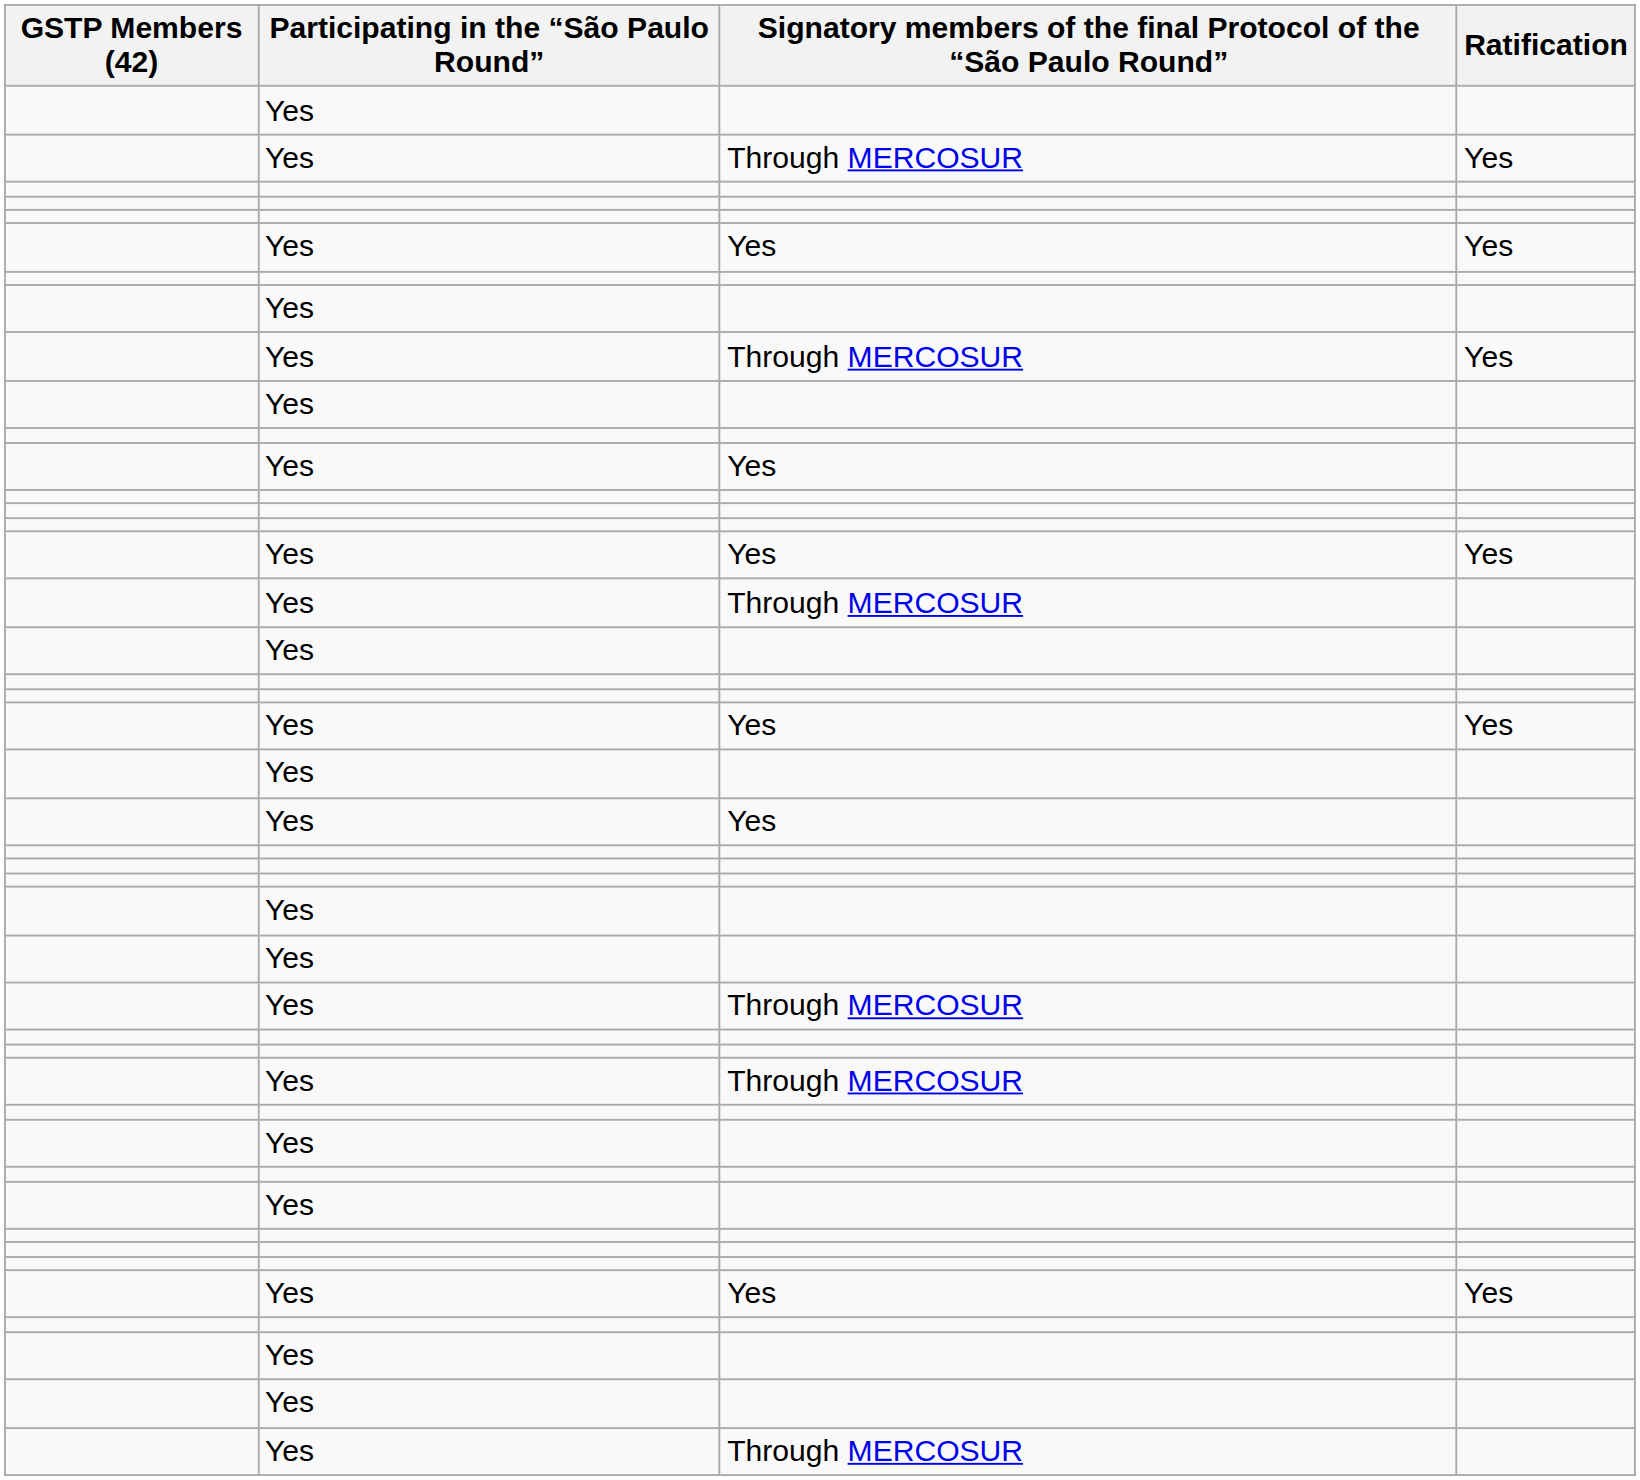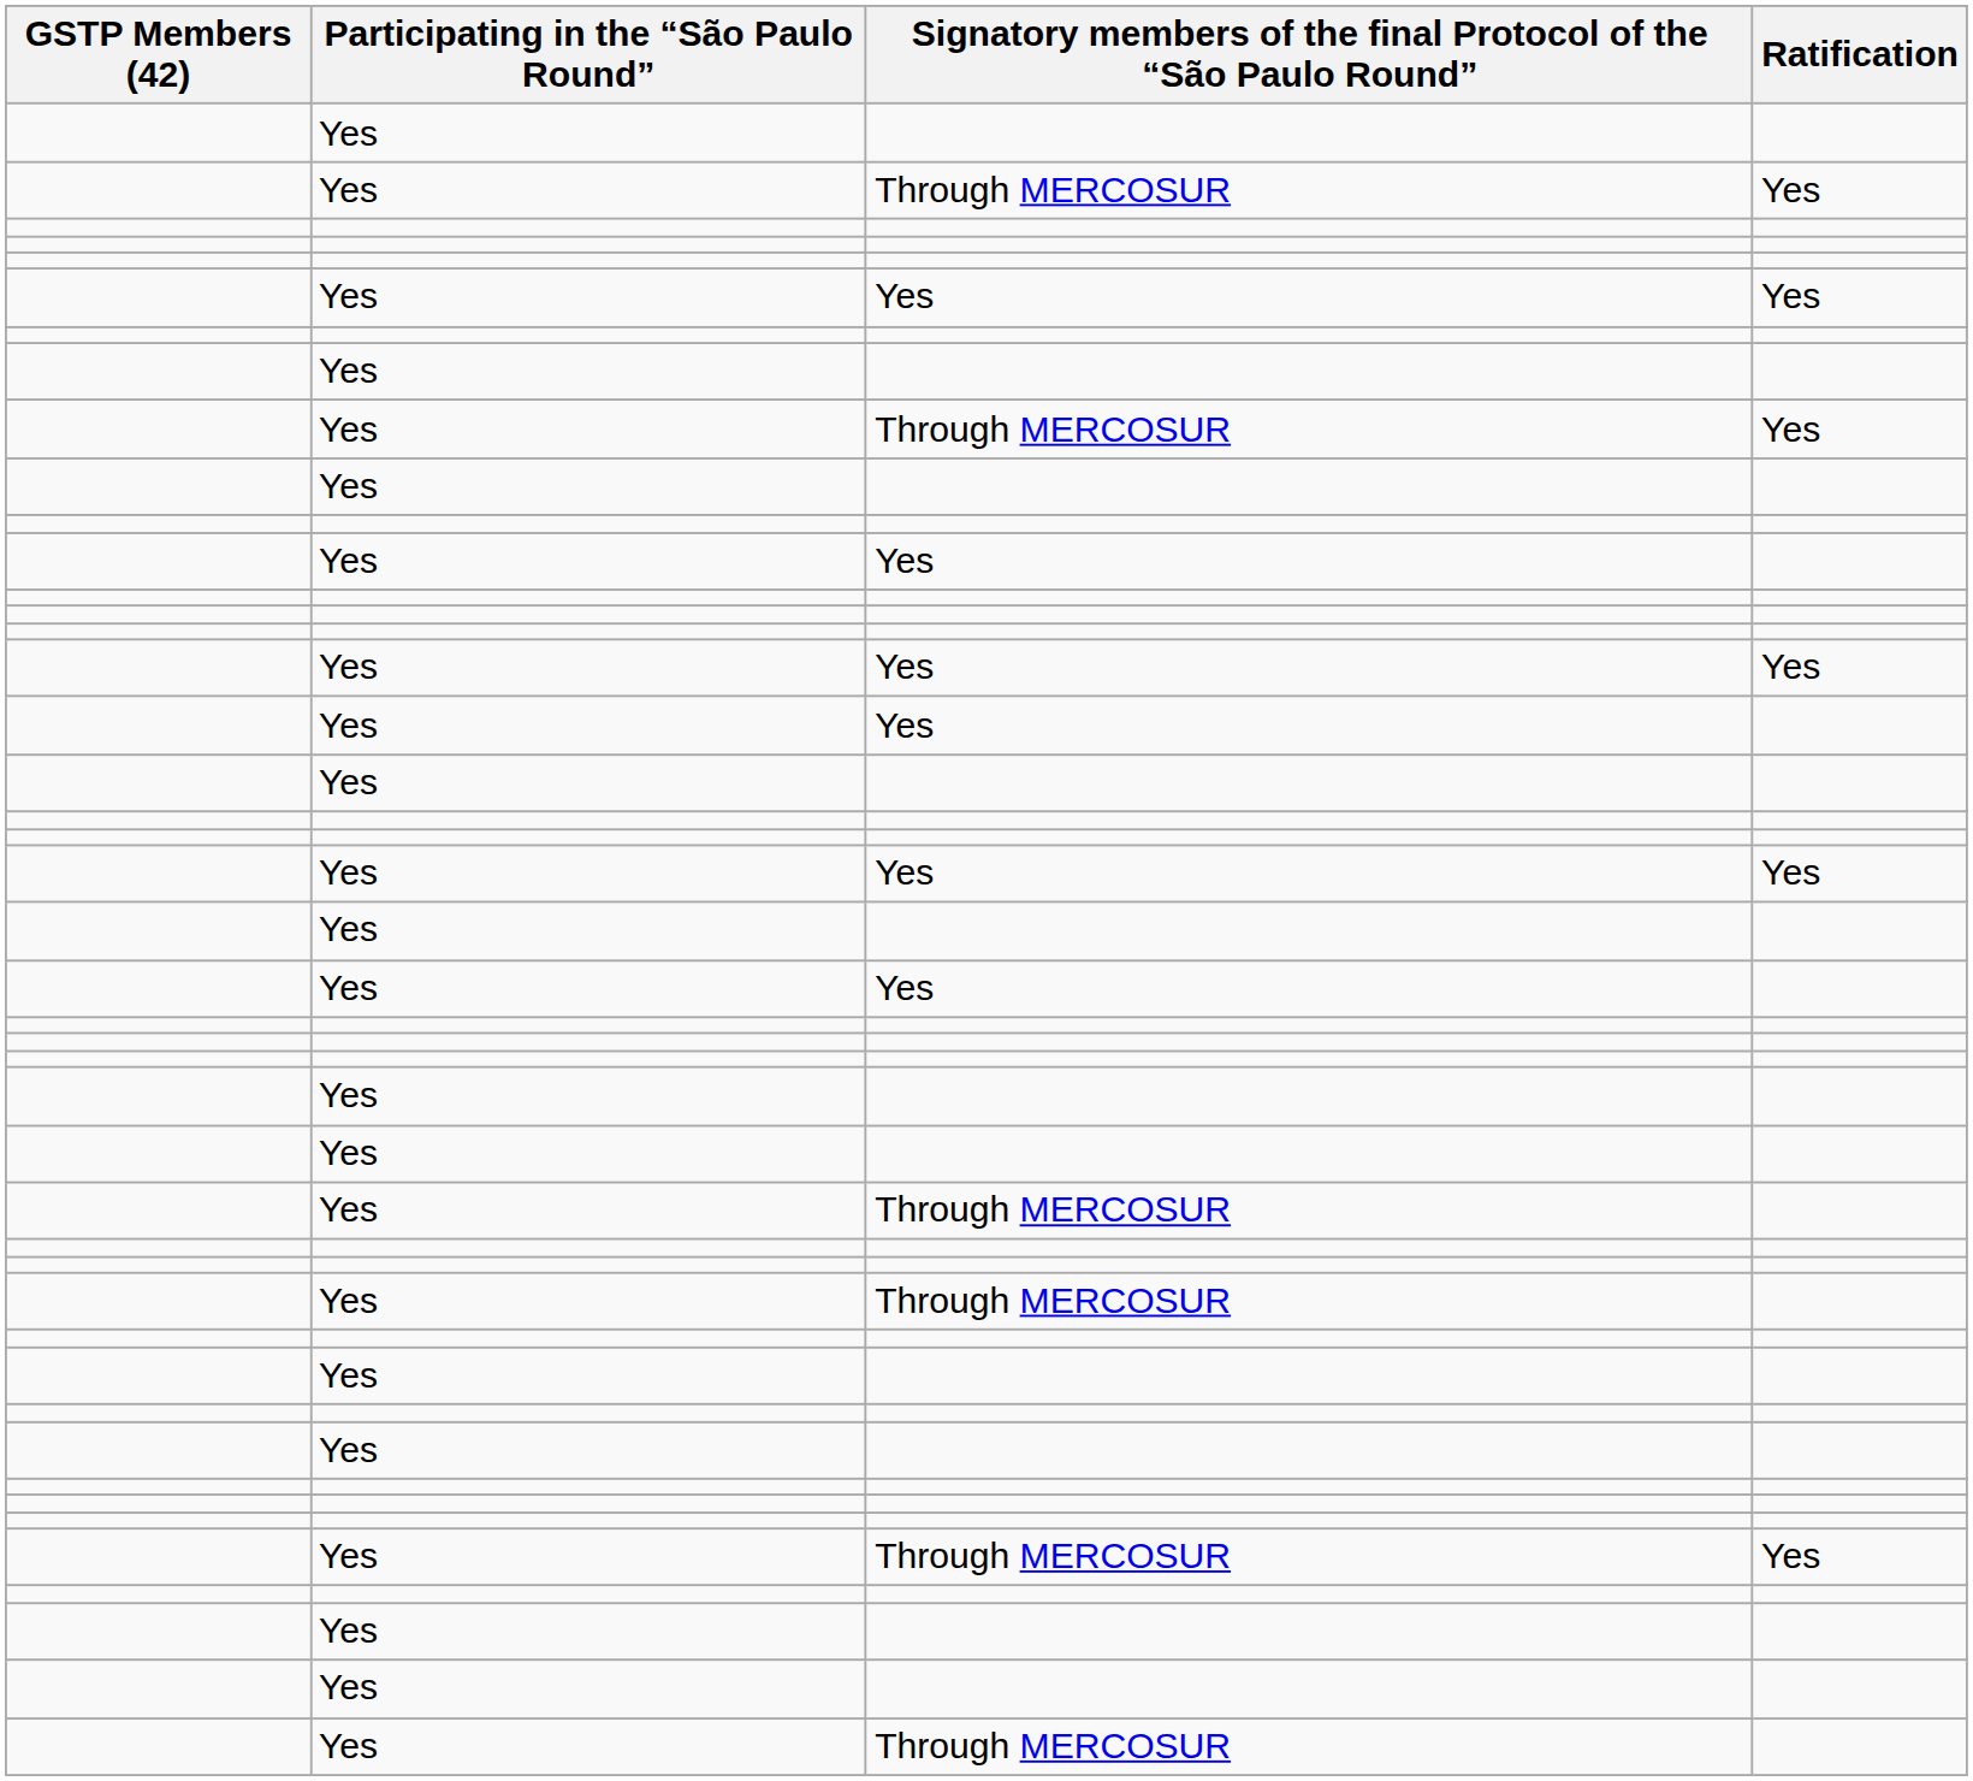 <table class="wikitable sortable">
 <tr>
 <th>GSTP Members (42)</th>
 <th>Participating in the “São Paulo Round”</th>
 <th>Signatory members of the final Protocol of the “São Paulo Round”</th>
 <th>Ratification</th>
 </tr>
 <tr>
 <td></td>
 <td>Yes</td>
 <td></td>
 <td></td>
 </tr>
 <tr>
 <td></td>
 <td>Yes</td>
 <td>Through <a href='#'>MERCOSUR</a></td>
 <td>Yes</td>
 </tr>
 <tr>
 <td></td>
 <td></td>
 <td></td>
 <td></td>
 </tr>
 <tr>
 <td></td>
 <td></td>
 <td></td>
 <td></td>
 </tr>
 <tr>
 <td></td>
 <td></td>
 <td></td>
 <td></td>
 </tr>
 <tr>
 <td></td>
 <td>Yes</td>
 <td>Yes</td>
 <td>Yes</td>
 </tr>
 <tr>
 <td></td>
 <td></td>
 <td></td>
 <td></td>
 </tr>
 <tr>
 <td></td>
 <td>Yes</td>
 <td></td>
 <td></td>
 </tr>
 <tr>
 <td></td>
 <td>Yes</td>
 <td>Through <a href='#'>MERCOSUR</a></td>
 <td>Yes</td>
 </tr>
 <tr>
 <td></td>
 <td>Yes</td>
 <td></td>
 <td></td>
 </tr>
 <tr>
 <td></td>
 <td></td>
 <td></td>
 <td></td>
 </tr>
 <tr>
 <td></td>
 <td>Yes</td>
 <td>Yes</td>
 <td></td>
 </tr>
 <tr>
 <td></td>
 <td></td>
 <td></td>
 <td></td>
 </tr>
 <tr>
 <td></td>
 <td></td>
 <td></td>
 <td></td>
 </tr>
 <tr>
 <td></td>
 <td></td>
 <td></td>
 <td></td>
 </tr>
 <tr>
 <td></td>
 <td>Yes</td>
 <td>Yes</td>
 <td>Yes</td>
 </tr>
 <tr>
 <td></td>
 <td>Yes</td>
-<td>Through <a href='#'>MERCOSUR</a></td>
+<td>Yes</td>
 <td></td>
 </tr>
 <tr>
 <td></td>
 <td>Yes</td>
 <td></td>
 <td></td>
 </tr>
 <tr>
 <td></td>
 <td></td>
 <td></td>
 <td></td>
 </tr>
 <tr>
 <td></td>
 <td></td>
 <td></td>
 <td></td>
 </tr>
 <tr>
 <td></td>
 <td>Yes</td>
 <td>Yes</td>
 <td>Yes</td>
 </tr>
 <tr>
 <td></td>
 <td>Yes</td>
 <td></td>
 <td></td>
 </tr>
 <tr>
 <td></td>
 <td>Yes</td>
 <td>Yes</td>
 <td></td>
 </tr>
 <tr>
 <td></td>
 <td></td>
 <td></td>
 <td></td>
 </tr>
 <tr>
 <td></td>
 <td></td>
 <td></td>
 <td></td>
 </tr>
 <tr>
 <td></td>
 <td></td>
 <td></td>
 <td></td>
 </tr>
 <tr>
 <td></td>
 <td>Yes</td>
 <td></td>
 <td></td>
 </tr>
 <tr>
 <td></td>
 <td>Yes</td>
 <td></td>
 <td></td>
 </tr>
 <tr>
 <td></td>
 <td>Yes</td>
 <td>Through <a href='#'>MERCOSUR</a></td>
 <td></td>
 </tr>
 <tr>
 <td></td>
 <td></td>
 <td></td>
 <td></td>
 </tr>
 <tr>
 <td></td>
 <td></td>
 <td></td>
 <td></td>
 </tr>
 <tr>
 <td></td>
 <td>Yes</td>
 <td>Through <a href='#'>MERCOSUR</a></td>
 <td></td>
 </tr>
 <tr>
 <td></td>
 <td></td>
 <td></td>
 <td></td>
 </tr>
 <tr>
 <td></td>
 <td>Yes</td>
 <td></td>
 <td></td>
 </tr>
 <tr>
 <td></td>
 <td></td>
 <td></td>
 <td></td>
 </tr>
 <tr>
 <td></td>
 <td>Yes</td>
 <td></td>
 <td></td>
 </tr>
 <tr>
 <td></td>
 <td></td>
 <td></td>
 <td></td>
 </tr>
 <tr>
 <td></td>
 <td></td>
 <td></td>
 <td></td>
 </tr>
 <tr>
 <td></td>
 <td></td>
 <td></td>
 <td></td>
 </tr>
 <tr>
 <td></td>
 <td>Yes</td>
-<td>Yes</td>
+<td>Through <a href='#'>MERCOSUR</a></td>
 <td>Yes</td>
 </tr>
 <tr>
 <td></td>
 <td></td>
 <td></td>
 <td></td>
 </tr>
 <tr>
 <td></td>
 <td>Yes</td>
 <td></td>
 <td></td>
 </tr>
 <tr>
 <td></td>
 <td>Yes</td>
 <td></td>
 <td></td>
 </tr>
 <tr>
 <td></td>
 <td>Yes</td>
 <td>Through <a href='#'>MERCOSUR</a></td>
 <td></td>
 </tr>
 </table>
